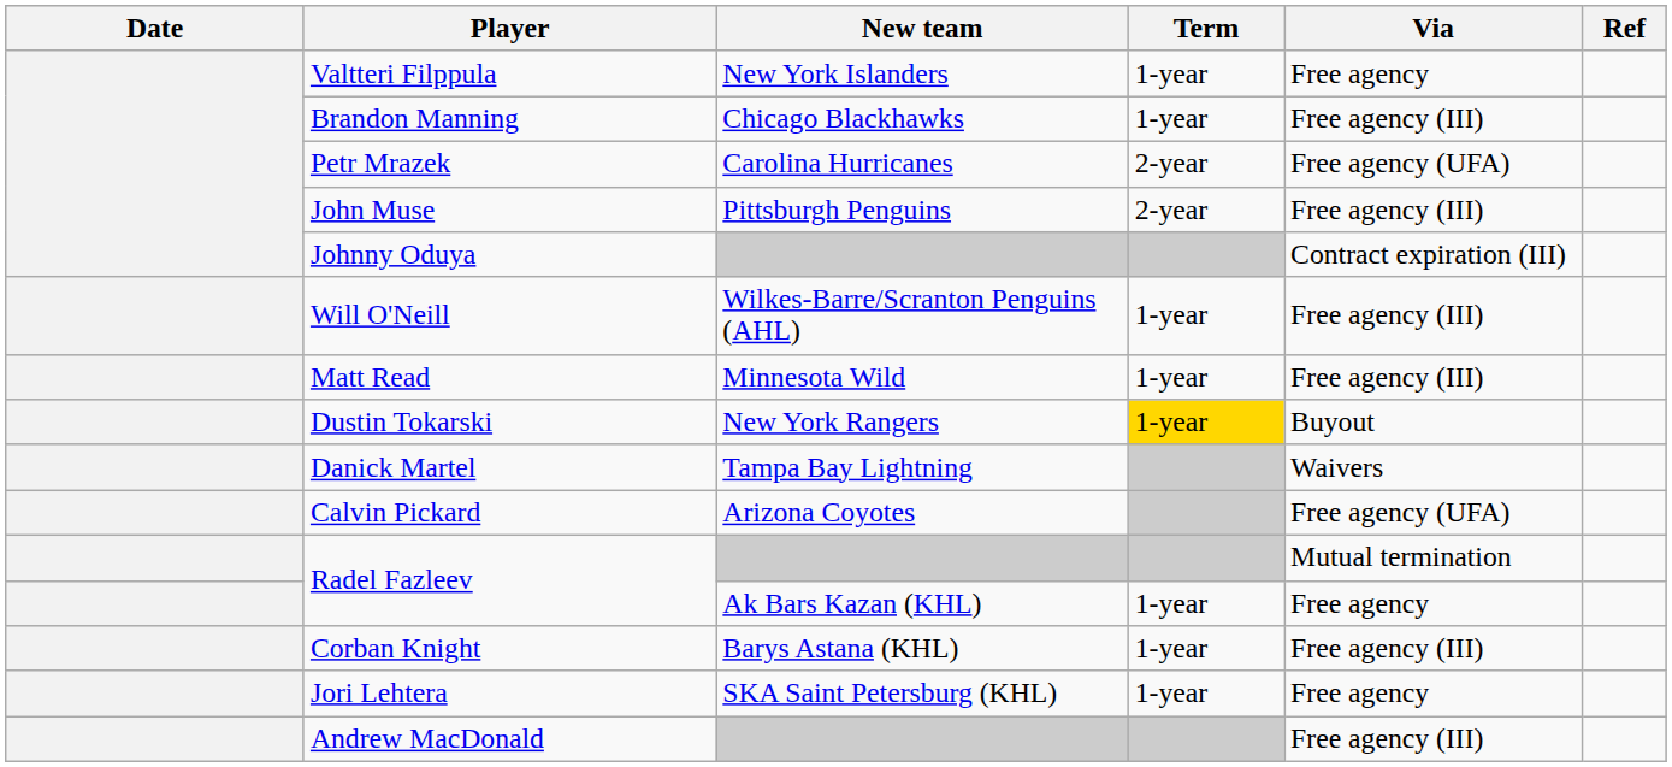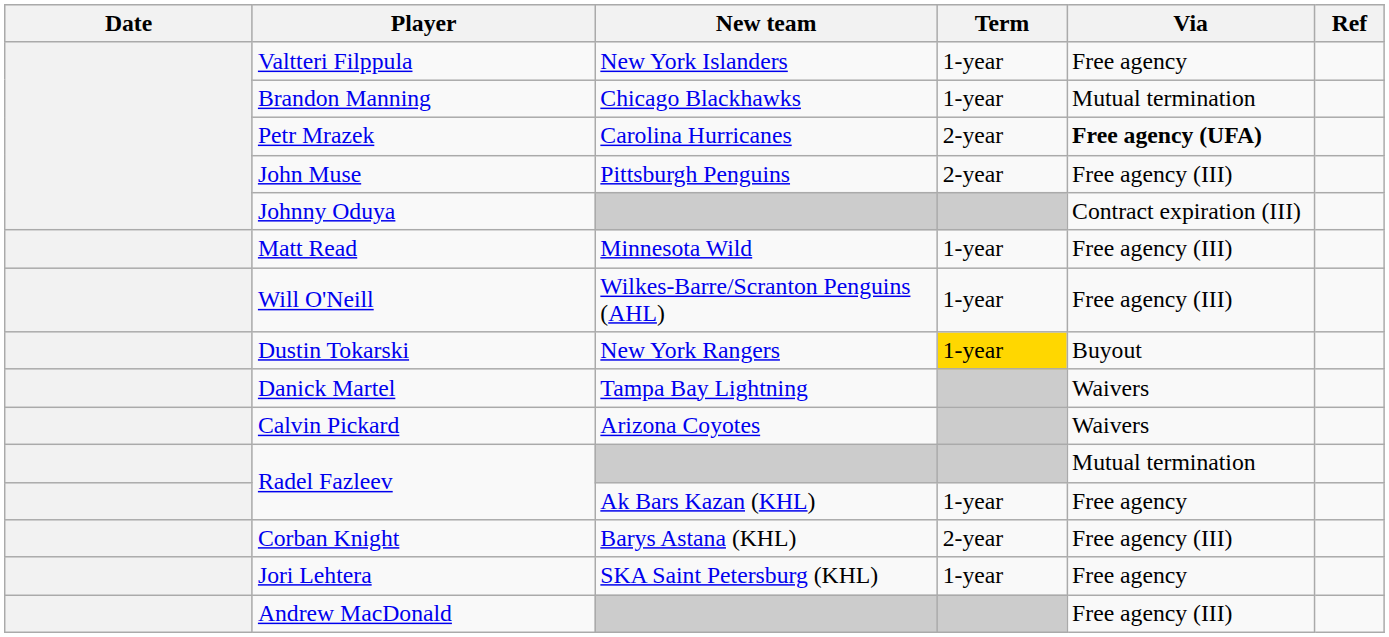 <table class="wikitable plainrowheaders">
 <tr style="background:#ddd; text-align:center;">
 <th style="width: 10em;">Date</th>
 <th style="width: 14em;">Player</th>
 <th style="width: 14em;">New team</th>
 <th style="width: 5em;">Term</th>
 <th style="width: 10em;">Via</th>
 <th style="width: 2.5em;">Ref</th>
 </tr>
 <tr>
 <th scope="row" rowspan=5></th>
 <td><a href='#'>Valtteri Filppula</a></td>
 <td><a href='#'>New York Islanders</a></td>
 <td>1-year</td>
 <td>Free agency</td>
 <td></td>
 </tr>
 <tr>
 <td><a href='#'>Brandon Manning</a></td>
 <td><a href='#'>Chicago Blackhawks</a></td>
 <td>1-year</td>
-<td>Free agency (III)</td>
+<td>Mutual termination</td>
 <td></td>
 </tr>
 <tr>
 <td><a href='#'>Petr Mrazek</a></td>
 <td><a href='#'>Carolina Hurricanes</a></td>
 <td>2-year</td>
-<td>Free agency (UFA)</td>
+<td><strong>Free agency (UFA)</strong></td>
 <td></td>
 </tr>
 <tr>
 <td><a href='#'>John Muse</a></td>
 <td><a href='#'>Pittsburgh Penguins</a></td>
 <td>2-year</td>
 <td>Free agency (III)</td>
 <td></td>
 </tr>
 <tr>
 <td><a href='#'>Johnny Oduya</a></td>
 <td style="background:#ccc"></td>
 <td style="background:#ccc"></td>
 <td>Contract expiration (III)</td>
 <td></td>
 </tr>
 <tr>
 <th scope="row"></th>
-<td><a href='#'>Will O'Neill</a></td>
-<td><a href='#'>Wilkes-Barre/Scranton Penguins</a> (<a href='#'>AHL</a>)</td>
+<td><a href='#'>Matt Read</a></td>
+<td><a href='#'>Minnesota Wild</a></td>
 <td>1-year</td>
 <td>Free agency (III)</td>
 <td></td>
 </tr>
 <tr>
 <th scope="row"></th>
-<td><a href='#'>Matt Read</a></td>
-<td><a href='#'>Minnesota Wild</a></td>
+<td><a href='#'>Will O'Neill</a></td>
+<td><a href='#'>Wilkes-Barre/Scranton Penguins</a> (<a href='#'>AHL</a>)</td>
 <td>1-year</td>
 <td>Free agency (III)</td>
 <td></td>
 </tr>
 <tr>
 <th scope="row"></th>
 <td><a href='#'>Dustin Tokarski</a></td>
 <td><a href='#'>New York Rangers</a></td>
 <td style="background: gold;">1-year</td>
 <td>Buyout</td>
 <td></td>
 </tr>
 <tr>
 <th scope="row"></th>
 <td><a href='#'>Danick Martel</a></td>
 <td><a href='#'>Tampa Bay Lightning</a></td>
 <td style="background:#ccc"></td>
 <td>Waivers</td>
 <td></td>
 </tr>
 <tr>
 <th scope="row"></th>
 <td><a href='#'>Calvin Pickard</a></td>
 <td><a href='#'>Arizona Coyotes</a></td>
 <td style="background:#ccc"></td>
-<td>Free agency (UFA)</td>
+<td>Waivers</td>
 <td></td>
 </tr>
 <tr>
 <th scope="row"></th>
 <td rowspan=2><a href='#'>Radel Fazleev</a></td>
 <td style="background:#ccc"></td>
 <td style="background:#ccc"></td>
 <td>Mutual termination</td>
 <td></td>
 </tr>
 <tr>
 <th scope="row"></th>
 <td><a href='#'>Ak Bars Kazan</a> (<a href='#'>KHL</a>)</td>
 <td>1-year</td>
 <td>Free agency</td>
 <td></td>
 </tr>
 <tr>
 <th scope="row"></th>
 <td><a href='#'>Corban Knight</a></td>
 <td><a href='#'>Barys Astana</a> (KHL)</td>
-<td>1-year</td>
+<td>2-year</td>
 <td>Free agency (III)</td>
 <td></td>
 </tr>
 <tr>
 <th scope="row"></th>
 <td><a href='#'>Jori Lehtera</a></td>
 <td><a href='#'>SKA Saint Petersburg</a> (KHL)</td>
 <td>1-year</td>
 <td>Free agency</td>
 <td></td>
 </tr>
 <tr>
 <th scope="row"></th>
 <td><a href='#'>Andrew MacDonald</a></td>
 <td style="background:#ccc"></td>
 <td style="background:#ccc"></td>
 <td>Free agency (III)</td>
 <td></td>
 </tr>
 </table>
